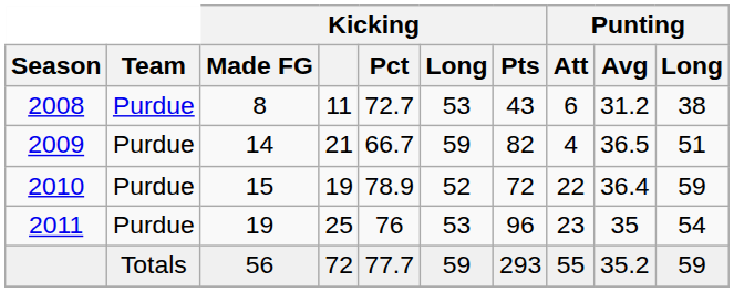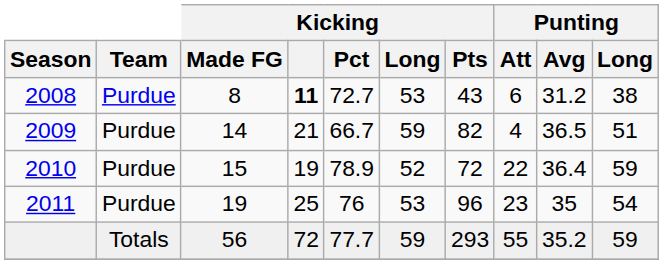 <table class="wikitable" style="text-align:center;">
 <tr>
 <th colspan="2" style="background:#fff; border-color:#fff #fff #aaa #fff"> </th>
 <th colspan="5">Kicking</th>
 <th colspan="3">Punting</th>
 </tr>
 <tr>
 <th>Season</th>
 <th>Team</th>
 <th>Made FG</th>
 <th></th>
 <th>Pct</th>
 <th>Long</th>
 <th>Pts</th>
 <th align="center">Att</th>
 <th>Avg</th>
 <th>Long</th>
 </tr>
 <tr>
 <td><a href='#'>2008</a></td>
 <td><a href='#'>Purdue</a></td>
 <td>8</td>
-<td>11</td>
+<td><strong>11</strong></td>
 <td>72.7</td>
 <td>53</td>
 <td>43</td>
 <td>6</td>
 <td>31.2</td>
 <td>38</td>
 </tr>
 <tr>
 <td><a href='#'>2009</a></td>
 <td>Purdue</td>
 <td>14</td>
 <td>21</td>
 <td>66.7</td>
 <td>59</td>
 <td>82</td>
 <td>4</td>
 <td>36.5</td>
 <td>51</td>
 </tr>
 <tr>
 <td><a href='#'>2010</a></td>
 <td>Purdue</td>
 <td>15</td>
 <td>19</td>
 <td>78.9</td>
 <td>52</td>
 <td>72</td>
 <td>22</td>
 <td>36.4</td>
 <td>59</td>
 </tr>
 <tr>
 <td><a href='#'>2011</a></td>
 <td>Purdue</td>
 <td>19</td>
 <td>25</td>
 <td>76</td>
 <td>53</td>
 <td>96</td>
 <td>23</td>
 <td>35</td>
 <td>54</td>
 </tr>
 <tr style="background:#f0f0f0;">
 <td></td>
 <td>Totals</td>
 <td>56</td>
 <td>72</td>
 <td>77.7</td>
 <td>59</td>
 <td>293</td>
 <td>55</td>
 <td>35.2</td>
 <td>59</td>
 </tr>
 <tr>
 </tr>
 </table>
